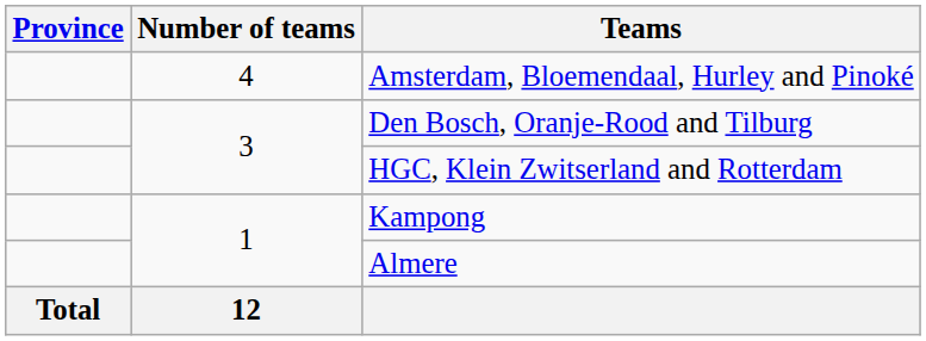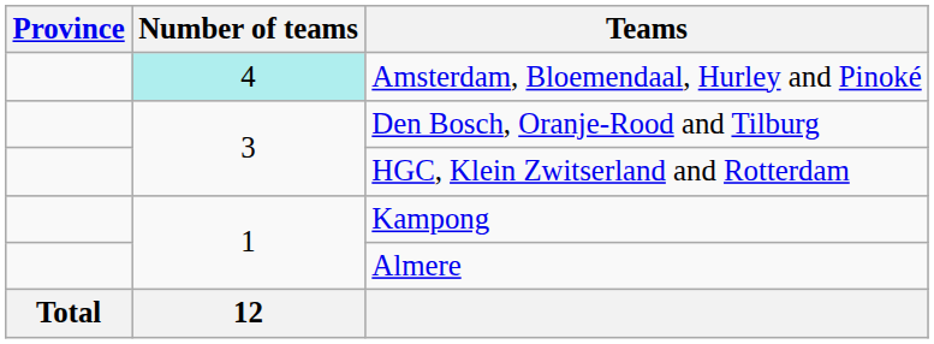 <table class="wikitable">
 <tr>
 <th><a href='#'>Province</a></th>
 <th>Number of teams</th>
 <th>Teams</th>
 </tr>
 <tr>
 <td></td>
-<td align=center>4</td>
+<td align=center style="background: paleturquoise;">4</td>
 <td><a href='#'>Amsterdam</a>, <a href='#'>Bloemendaal</a>, <a href='#'>Hurley</a> and <a href='#'>Pinoké</a></td>
 </tr>
 <tr>
 <td></td>
 <td align=center rowspan=2>3</td>
 <td><a href='#'>Den Bosch</a>, <a href='#'>Oranje-Rood</a> and <a href='#'>Tilburg</a></td>
 </tr>
 <tr>
 <td></td>
 <td><a href='#'>HGC</a>, <a href='#'>Klein Zwitserland</a> and <a href='#'>Rotterdam</a></td>
 </tr>
 <tr>
 <td></td>
 <td align=center rowspan=2>1</td>
 <td><a href='#'>Kampong</a></td>
 </tr>
 <tr>
 <td></td>
 <td><a href='#'>Almere</a></td>
 </tr>
 <tr>
 <th>Total</th>
 <th>12</th>
 <th></th>
 </tr>
 </table>
